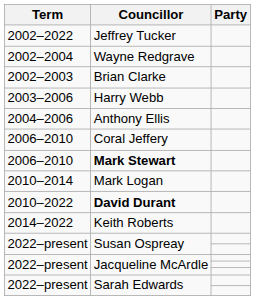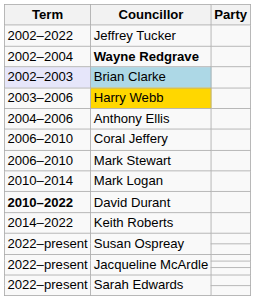 <table class="wikitable">
 <tr>
 <th>Term</th>
 <th>Councillor</th>
 <th colspan=2>Party</th>
 </tr>
 <tr>
 <td>2002–2022</td>
 <td>Jeffrey Tucker</td>
 <td></td>
 </tr>
 <tr>
 <td>2002–2004</td>
-<td>Wayne Redgrave</td>
+<td><strong>Wayne Redgrave</strong></td>
 <td></td>
 </tr>
 <tr>
-<td>2002–2003</td>
-<td>Brian Clarke</td>
+<td style="background: lavender;">2002–2003</td>
+<td style="background: lightblue;">Brian Clarke</td>
 <td></td>
 </tr>
 <tr>
 <td>2003–2006</td>
-<td>Harry Webb</td>
+<td style="background: gold;">Harry Webb</td>
 <td></td>
 </tr>
 <tr>
 <td>2004–2006</td>
 <td>Anthony Ellis</td>
 <td></td>
 </tr>
 <tr>
 <td>2006–2010</td>
 <td>Coral Jeffery</td>
 <td></td>
 </tr>
 <tr>
 <td>2006–2010</td>
-<td><strong>Mark Stewart</strong></td>
+<td>Mark Stewart</td>
 <td></td>
 </tr>
 <tr>
 <td>2010–2014</td>
 <td>Mark Logan</td>
 <td></td>
 </tr>
 <tr>
-<td>2010–2022</td>
-<td><strong>David Durant</strong></td>
+<td><strong>2010–2022</strong></td>
+<td>David Durant</td>
 <td></td>
 </tr>
 <tr>
 <td>2014–2022</td>
 <td>Keith Roberts</td>
 <td></td>
 </tr>
 <tr>
 <td rowspan=2>2022–present</td>
 <td rowspan=2>Susan Ospreay</td>
 <td></td>
 </tr>
 <tr>
 <td></td>
 </tr>
 <tr>
 <td rowspan=3>2022–present</td>
 <td rowspan=3>Jacqueline McArdle</td>
 <td></td>
 </tr>
 <tr>
 <td></td>
 </tr>
 <tr>
 <td></td>
 </tr>
 <tr>
 <td rowspan=2>2022–present</td>
 <td rowspan=2>Sarah Edwards</td>
 <td></td>
 </tr>
 <tr>
 <td></td>
 </tr>
 </table>
